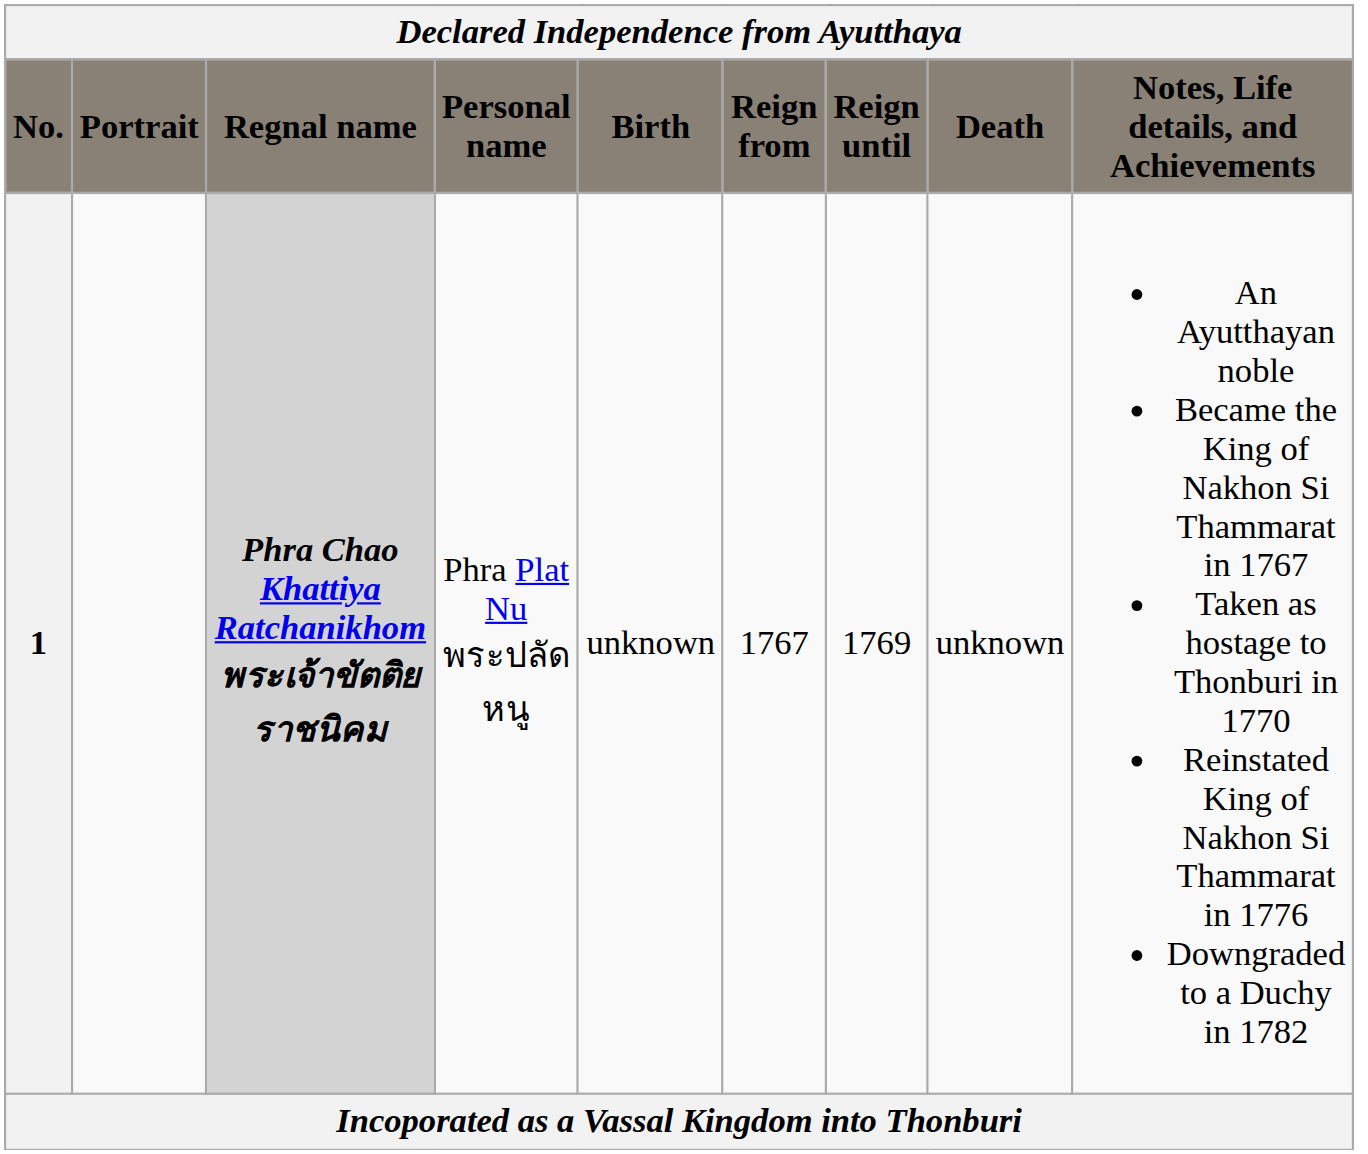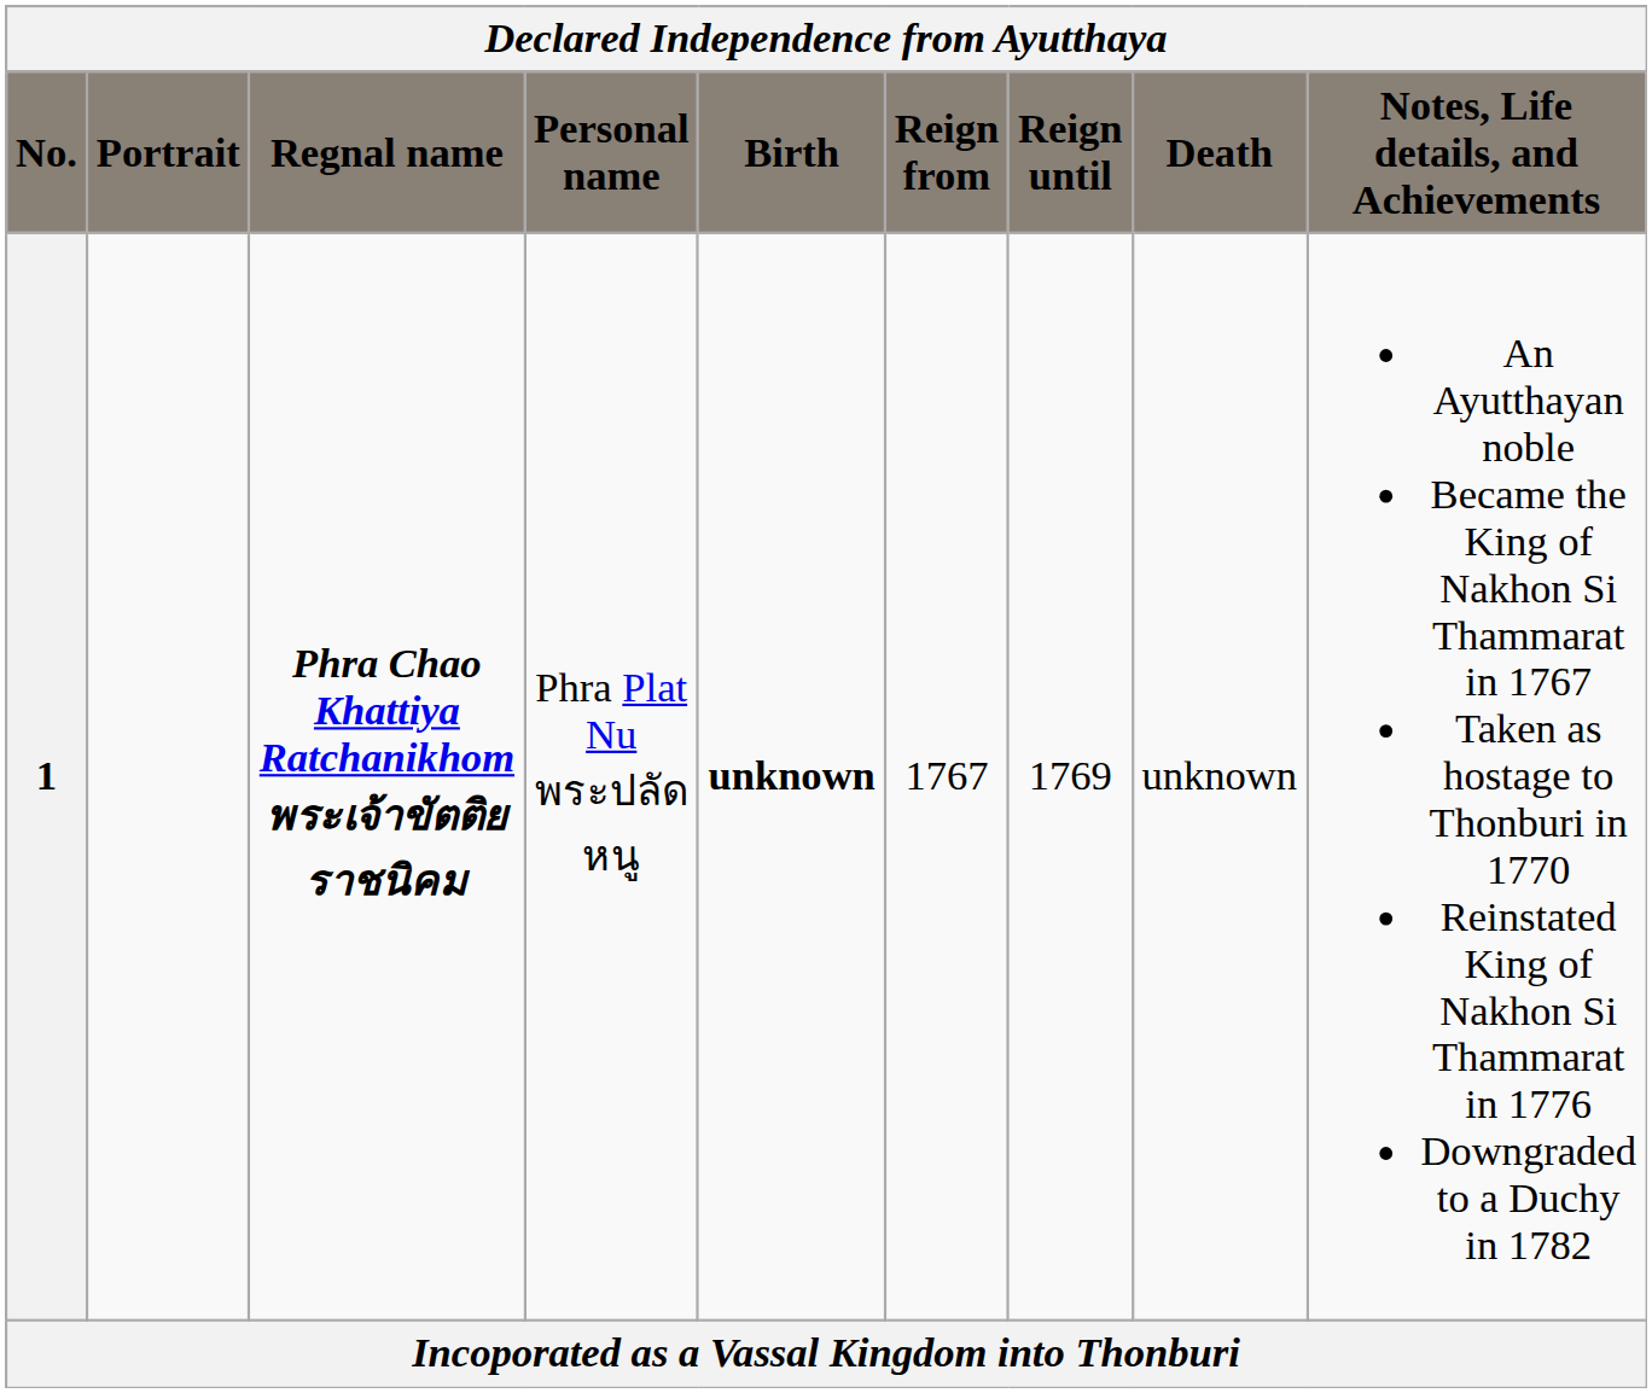 <table class="wikitable" style="text-align:center; width:100%;">
 <tr>
 <th colspan="9"><em>Declared Independence from Ayutthaya</em></th>
 </tr>
 <tr>
 <th width="3%" style="background-color:#898076">No.</th>
 <th width="1%" style="background-color:#898076">Portrait</th>
 <th width="19%" style="background-color:#898076">Regnal name</th>
 <th width="18%" style="background-color:#898076">Personal name</th>
 <th width="4%" style="background-color:#898076">Birth</th>
 <th width="4%" style="background-color:#898076">Reign from</th>
 <th width="4%" style="background-color:#898076">Reign until</th>
 <th width="4%" style="background-color:#898076">Death</th>
 <th width="25%" style="background-color:#898076">Notes, Life details, and Achievements</th>
 </tr>
 <tr>
 <th>1</th>
 <td></td>
-<td style="background: lightgrey;"><strong><em>Phra Chao<em> <a href='#'>Khattiya Ratchanikhom</a><strong><br>พระเจ้าขัตติยราชนิคม</td>
+<td><strong><em>Phra Chao<em> <a href='#'>Khattiya Ratchanikhom</a><strong><br>พระเจ้าขัตติยราชนิคม</td>
 <td></em></strong>Phra</em> <a href='#'>Plat Nu</a></strong><br>พระปลัดหนู</td>
-<td>unknown</td>
+<td><strong>unknown</strong></td>
 <td>1767</td>
 <td>1769</td>
 <td>unknown</td>
 <td><br><ul><li>An Ayutthayan noble</li><li>Became the King of Nakhon Si Thammarat in 1767</li><li>Taken as hostage to Thonburi in 1770</li><li>Reinstated King of Nakhon Si Thammarat in 1776</li><li>Downgraded to a Duchy in 1782</li></ul></td>
 </tr>
 <tr>
 <th colspan="9"><em>Incoporated as a Vassal Kingdom into Thonburi</em></th>
 </tr>
 </table>
